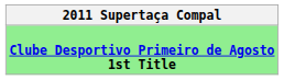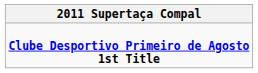 <table class=wikitable style="text-align:center; margin:auto">
 <tr>
 <th>2011 Supertaça Compal</th>
 </tr>
 <tr>
-<td style="background: lightgreen;"><br><strong><a href='#'>Clube Desportivo Primeiro de Agosto</a></strong><br><strong>1st Title</strong></td>
+<td><br><strong><a href='#'>Clube Desportivo Primeiro de Agosto</a></strong><br><strong>1st Title</strong></td>
 </tr>
 </table>
